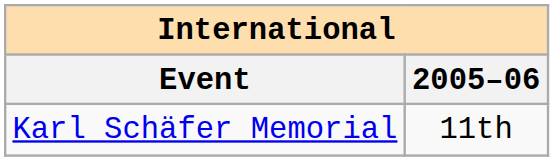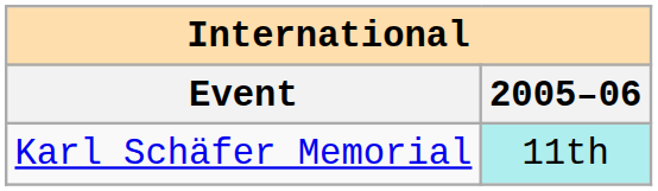 <table class="wikitable" style="text-align:center">
 <tr>
 <th style="background-color: #ffdead; " colspan=2 align=center><strong>International</strong></th>
 </tr>
 <tr>
 <th>Event</th>
 <th>2005–06</th>
 </tr>
 <tr>
 <td align=left><a href='#'>Karl Schäfer Memorial</a></td>
-<td>11th</td>
+<td style="background: paleturquoise;">11th</td>
 </tr>
 </table>
